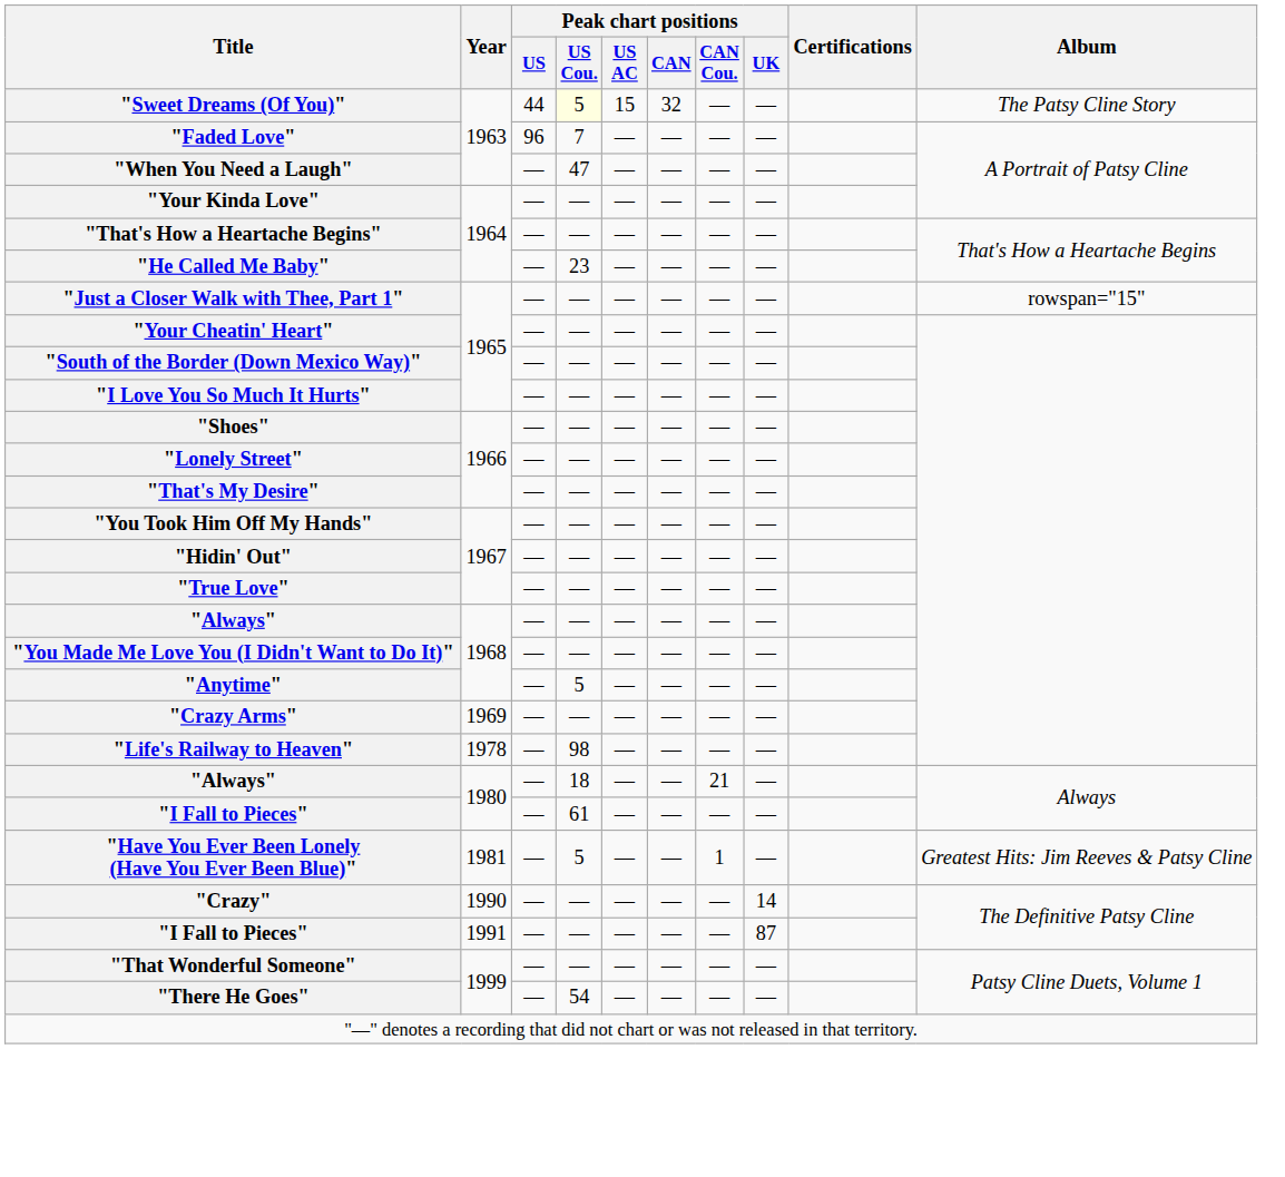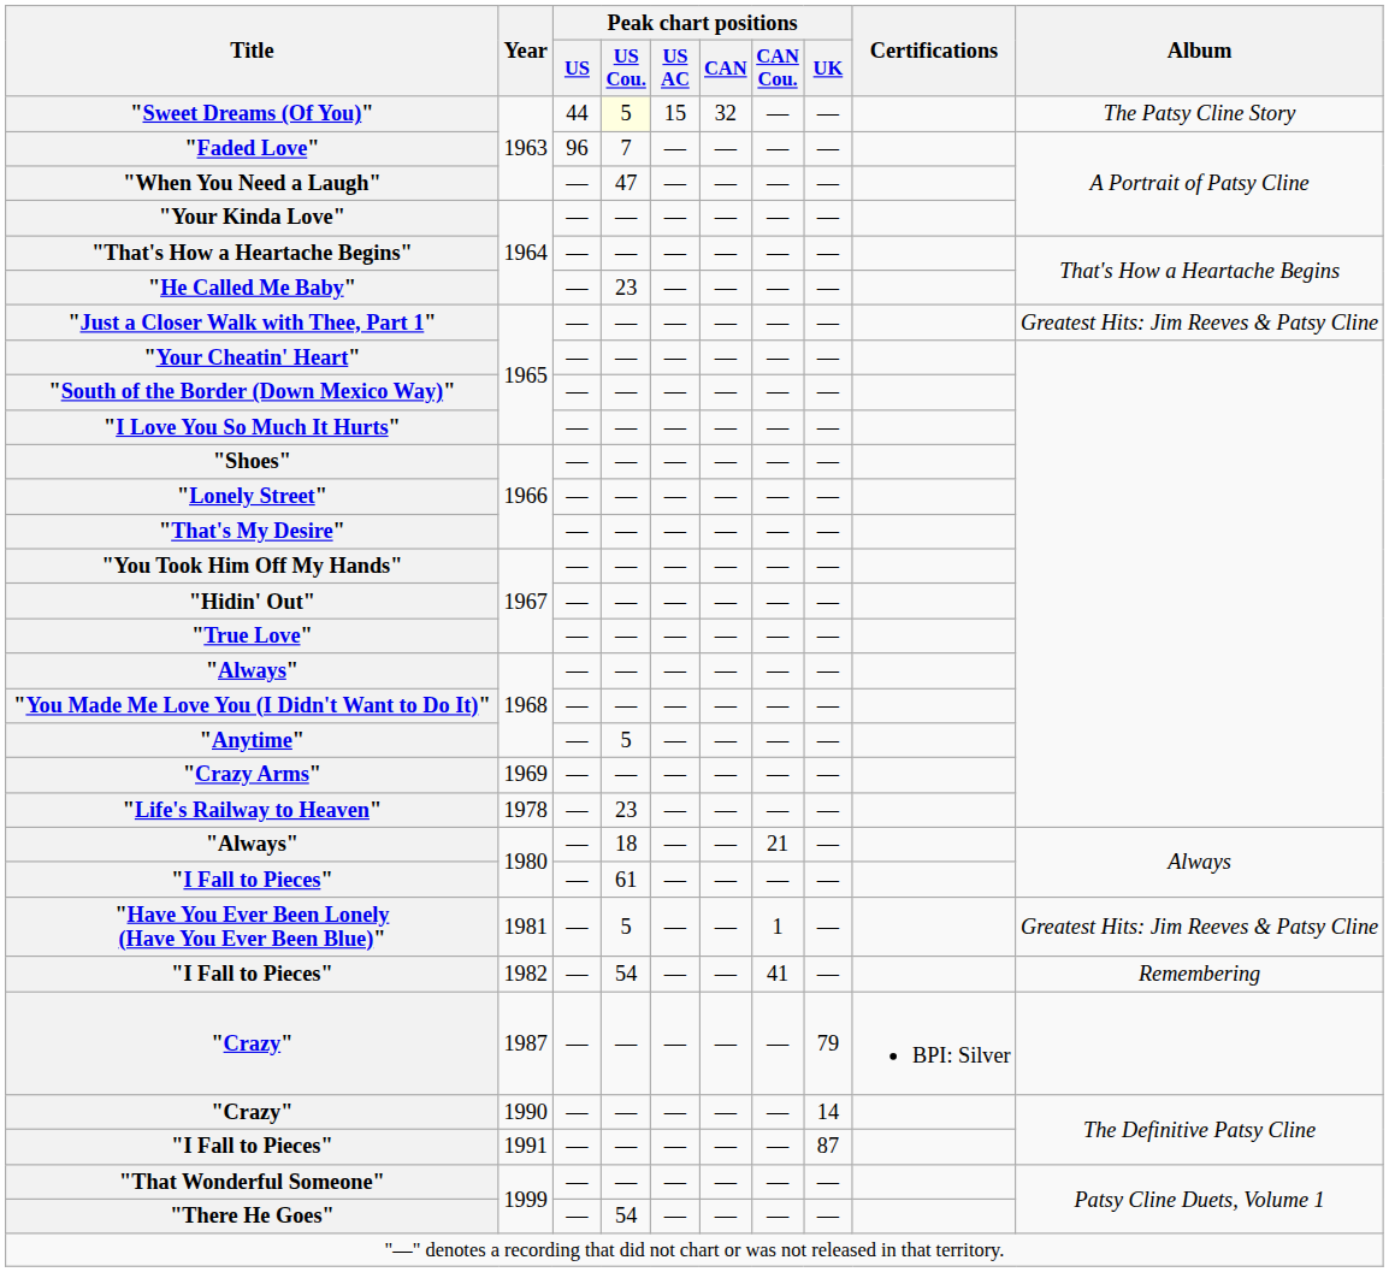 <table class="wikitable plainrowheaders" style="text-align:center;" border="1">
 <tr>
 <th scope="col" rowspan="2" style="width:22em;">Title</th>
 <th scope="col" rowspan="2">Year</th>
 <th scope="col" colspan="6">Peak chart positions</th>
 <th scope="col" rowspan="2">Certifications</th>
 <th scope="col" rowspan="2">Album</th>
 </tr>
 <tr>
 <th scope="col" style="width:2em;font-size:90%;"><a href='#'>US</a><br></th>
 <th scope="col" style="width:2em;font-size:90%;"><a href='#'>US<br>Cou.</a><br></th>
 <th scope="col" style="width:2em;font-size:90%;"><a href='#'>US<br>AC</a><br></th>
 <th scope="col" style="width:2em;font-size:90%;"><a href='#'>CAN</a><br></th>
 <th scope="col" style="width:2em;font-size:90%;"><a href='#'>CAN<br>Cou.</a><br></th>
 <th scope="col" style="width:2em;font-size:90%;"><a href='#'>UK</a><br></th>
 </tr>
 <tr>
 <th scope="row">"<a href='#'>Sweet Dreams (Of You)</a>"</th>
 <td rowspan="3">1963</td>
 <td>44</td>
 <td style="background: lightyellow;">5</td>
 <td>15</td>
 <td>32</td>
 <td>—</td>
 <td>—</td>
 <td></td>
 <td><em>The Patsy Cline Story</em></td>
 </tr>
 <tr>
 <th scope="row">"<a href='#'>Faded Love</a>"</th>
 <td>96</td>
 <td>7</td>
 <td>—</td>
 <td>—</td>
 <td>—</td>
 <td>—</td>
 <td></td>
 <td rowspan="3"><em>A Portrait of Patsy Cline</em></td>
 </tr>
 <tr>
 <th scope="row">"When You Need a Laugh"</th>
 <td>—</td>
 <td>47</td>
 <td>—</td>
 <td>—</td>
 <td>—</td>
 <td>—</td>
 <td></td>
 </tr>
 <tr>
 <th scope="row">"Your Kinda Love"</th>
 <td rowspan="3">1964</td>
 <td>—</td>
 <td>—</td>
 <td>—</td>
 <td>—</td>
 <td>—</td>
 <td>—</td>
 <td></td>
 </tr>
 <tr>
 <th scope="row">"That's How a Heartache Begins"</th>
 <td>—</td>
 <td>—</td>
 <td>—</td>
 <td>—</td>
 <td>—</td>
 <td>—</td>
 <td></td>
 <td rowspan="2"><em>That's How a Heartache Begins</em></td>
 </tr>
 <tr>
 <th scope="row">"<a href='#'>He Called Me Baby</a>"</th>
 <td>—</td>
 <td>23</td>
 <td>—</td>
 <td>—</td>
 <td>—</td>
 <td>—</td>
 <td></td>
 </tr>
 <tr>
 <th scope="row">"<a href='#'>Just a Closer Walk with Thee, Part 1</a>"</th>
 <td rowspan="4">1965</td>
 <td>—</td>
 <td>—</td>
 <td>—</td>
 <td>—</td>
 <td>—</td>
 <td>—</td>
 <td></td>
-<td>rowspan="15" </td>
+<td><em>Greatest Hits: Jim Reeves & Patsy Cline</em></td>
 </tr>
 <tr>
 <th scope="row">"<a href='#'>Your Cheatin' Heart</a>"</th>
 <td>—</td>
 <td>—</td>
 <td>—</td>
 <td>—</td>
 <td>—</td>
 <td>—</td>
 <td></td>
 </tr>
 <tr>
 <th scope="row">"<a href='#'>South of the Border (Down Mexico Way)</a>"</th>
 <td>—</td>
 <td>—</td>
 <td>—</td>
 <td>—</td>
 <td>—</td>
 <td>—</td>
 <td></td>
 </tr>
 <tr>
 <th scope="row">"<a href='#'>I Love You So Much It Hurts</a>"</th>
 <td>—</td>
 <td>—</td>
 <td>—</td>
 <td>—</td>
 <td>—</td>
 <td>—</td>
 <td></td>
 </tr>
 <tr>
 <th scope="row">"Shoes"</th>
 <td rowspan="3">1966</td>
 <td>—</td>
 <td>—</td>
 <td>—</td>
 <td>—</td>
 <td>—</td>
 <td>—</td>
 <td></td>
 </tr>
 <tr>
 <th scope="row">"<a href='#'>Lonely Street</a>"</th>
 <td>—</td>
 <td>—</td>
 <td>—</td>
 <td>—</td>
 <td>—</td>
 <td>—</td>
 <td></td>
 </tr>
 <tr>
 <th scope="row">"<a href='#'>That's My Desire</a>"</th>
 <td>—</td>
 <td>—</td>
 <td>—</td>
 <td>—</td>
 <td>—</td>
 <td>—</td>
 <td></td>
 </tr>
 <tr>
 <th scope="row">"You Took Him Off My Hands"</th>
 <td rowspan="3">1967</td>
 <td>—</td>
 <td>—</td>
 <td>—</td>
 <td>—</td>
 <td>—</td>
 <td>—</td>
 <td></td>
 </tr>
 <tr>
 <th scope="row">"Hidin' Out"</th>
 <td>—</td>
 <td>—</td>
 <td>—</td>
 <td>—</td>
 <td>—</td>
 <td>—</td>
 <td></td>
 </tr>
 <tr>
 <th scope="row">"<a href='#'>True Love</a>"</th>
 <td>—</td>
 <td>—</td>
 <td>—</td>
 <td>—</td>
 <td>—</td>
 <td>—</td>
 <td></td>
 </tr>
 <tr>
 <th scope="row">"<a href='#'>Always</a>"</th>
 <td rowspan="3">1968</td>
 <td>—</td>
 <td>—</td>
 <td>—</td>
 <td>—</td>
 <td>—</td>
 <td>—</td>
 <td></td>
 </tr>
 <tr>
 <th scope="row">"<a href='#'>You Made Me Love You (I Didn't Want to Do It)</a>"</th>
 <td>—</td>
 <td>—</td>
 <td>—</td>
 <td>—</td>
 <td>—</td>
 <td>—</td>
 <td></td>
 </tr>
 <tr>
 <th scope="row">"<a href='#'>Anytime</a>"</th>
 <td>—</td>
 <td>5</td>
 <td>—</td>
 <td>—</td>
 <td>—</td>
 <td>—</td>
 <td></td>
 </tr>
 <tr>
 <th scope="row">"<a href='#'>Crazy Arms</a>"</th>
 <td>1969</td>
 <td>—</td>
 <td>—</td>
 <td>—</td>
 <td>—</td>
 <td>—</td>
 <td>—</td>
 <td></td>
 </tr>
 <tr>
 <th scope="row">"<a href='#'>Life's Railway to Heaven</a>"</th>
 <td>1978</td>
 <td>—</td>
-<td>98</td>
+<td>23</td>
 <td>—</td>
 <td>—</td>
 <td>—</td>
 <td>—</td>
 <td></td>
 </tr>
 <tr>
 <th scope="row">"Always"</th>
 <td rowspan="2">1980</td>
 <td>—</td>
 <td>18</td>
 <td>—</td>
 <td>—</td>
 <td>21</td>
 <td>—</td>
 <td></td>
 <td rowspan="2"><em>Always</em></td>
 </tr>
 <tr>
 <th scope="row">"<a href='#'>I Fall to Pieces</a>"</th>
 <td>—</td>
 <td>61</td>
 <td>—</td>
 <td>—</td>
 <td>—</td>
 <td>—</td>
 <td></td>
 </tr>
 <tr>
 <th scope="row">"<a href='#'>Have You Ever Been Lonely<br>(Have You Ever Been Blue)</a>" </th>
 <td>1981</td>
 <td>—</td>
 <td>5</td>
 <td>—</td>
 <td>—</td>
 <td>1</td>
 <td>—</td>
 <td></td>
 <td><em>Greatest Hits: Jim Reeves & Patsy Cline</em></td>
+</tr>
+<tr>
+<th scope="row">"I Fall to Pieces" </th>
+<td>1982</td>
+<td>—</td>
+<td>54</td>
+<td>—</td>
+<td>—</td>
+<td>41</td>
+<td>—</td>
+<td></td>
+<td><em>Remembering</em></td>
+</tr>
+<tr>
+<th scope="row">"<a href='#'>Crazy</a>"</th>
+<td>1987</td>
+<td>—</td>
+<td>—</td>
+<td>—</td>
+<td>—</td>
+<td>—</td>
+<td>79</td>
+<td><br><ul><li>BPI: Silver</li></ul></td>
+<td></td>
 </tr>
 <tr>
 <th scope="row">"Crazy"</th>
 <td>1990</td>
 <td>—</td>
 <td>—</td>
 <td>—</td>
 <td>—</td>
 <td>—</td>
 <td>14</td>
 <td></td>
 <td rowspan="2"><em>The Definitive Patsy Cline</em></td>
 </tr>
 <tr>
 <th scope="row">"I Fall to Pieces"</th>
 <td>1991</td>
 <td>—</td>
 <td>—</td>
 <td>—</td>
 <td>—</td>
 <td>—</td>
 <td>87</td>
 <td></td>
 </tr>
 <tr>
 <th scope="row">"That Wonderful Someone" </th>
 <td rowspan="2">1999</td>
 <td>—</td>
 <td>—</td>
 <td>—</td>
 <td>—</td>
 <td>—</td>
 <td>—</td>
 <td></td>
 <td rowspan="2"><em>Patsy Cline Duets, Volume 1</em></td>
 </tr>
 <tr>
 <th scope="row">"There He Goes" </th>
 <td>—</td>
 <td>54</td>
 <td>—</td>
 <td>—</td>
 <td>—</td>
 <td>—</td>
 <td></td>
 </tr>
 <tr>
 <td colspan="10" style="font-size:90%">"—" denotes a recording that did not chart or was not released in that territory.</td>
 </tr>
 </table>
